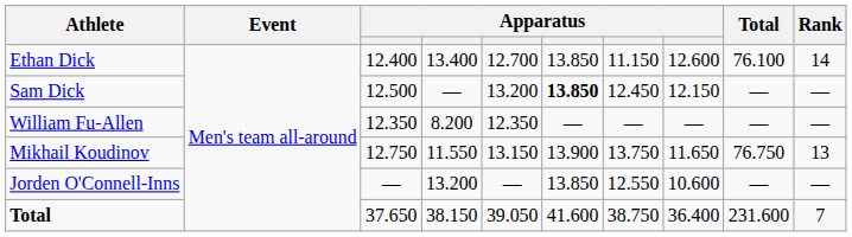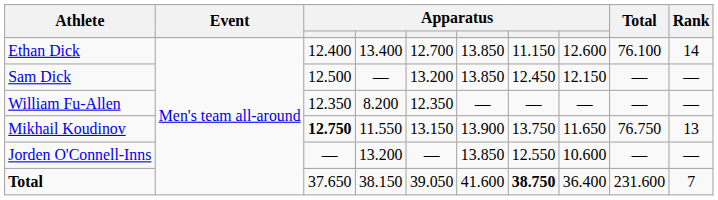 <table class="wikitable" style="font-size:90%; text-align:center">
 <tr>
 <th rowspan=2>Athlete</th>
 <th rowspan=2>Event</th>
 <th colspan=6>Apparatus</th>
 <th rowspan=2>Total</th>
 <th rowspan=2>Rank</th>
 </tr>
 <tr style="font-size:95%">
 <th></th>
 <th></th>
 <th></th>
 <th></th>
 <th></th>
 <th></th>
 </tr>
 <tr>
 <td align=left><a href='#'>Ethan Dick</a></td>
 <td align=left rowspan=6><a href='#'>Men's team all-around</a></td>
 <td>12.400</td>
 <td>13.400</td>
 <td>12.700</td>
 <td>13.850</td>
 <td>11.150</td>
 <td>12.600</td>
 <td>76.100</td>
 <td>14</td>
 </tr>
 <tr>
 <td align=left><a href='#'>Sam Dick</a></td>
 <td>12.500</td>
 <td>—</td>
 <td>13.200</td>
-<td><strong>13.850</strong></td>
+<td>13.850</td>
 <td>12.450</td>
 <td>12.150</td>
 <td>—</td>
 <td>—</td>
 </tr>
 <tr>
 <td align=left><a href='#'>William Fu-Allen</a></td>
 <td>12.350</td>
 <td>8.200</td>
 <td>12.350</td>
 <td>—</td>
 <td>—</td>
 <td>—</td>
 <td>—</td>
 <td>—</td>
 </tr>
 <tr>
 <td align=left><a href='#'>Mikhail Koudinov</a></td>
-<td>12.750</td>
+<td><strong>12.750</strong></td>
 <td>11.550</td>
 <td>13.150</td>
 <td>13.900</td>
 <td>13.750</td>
 <td>11.650</td>
 <td>76.750</td>
 <td>13</td>
 </tr>
 <tr>
 <td align=left><a href='#'>Jorden O'Connell-Inns</a></td>
 <td>—</td>
 <td>13.200</td>
 <td>—</td>
 <td>13.850</td>
 <td>12.550</td>
 <td>10.600</td>
 <td>—</td>
 <td>—</td>
 </tr>
 <tr>
 <td align=left><strong>Total</strong></td>
 <td>37.650</td>
 <td>38.150</td>
 <td>39.050</td>
 <td>41.600</td>
-<td>38.750</td>
+<td><strong>38.750</strong></td>
 <td>36.400</td>
 <td>231.600</td>
 <td>7</td>
 </tr>
 </table>
